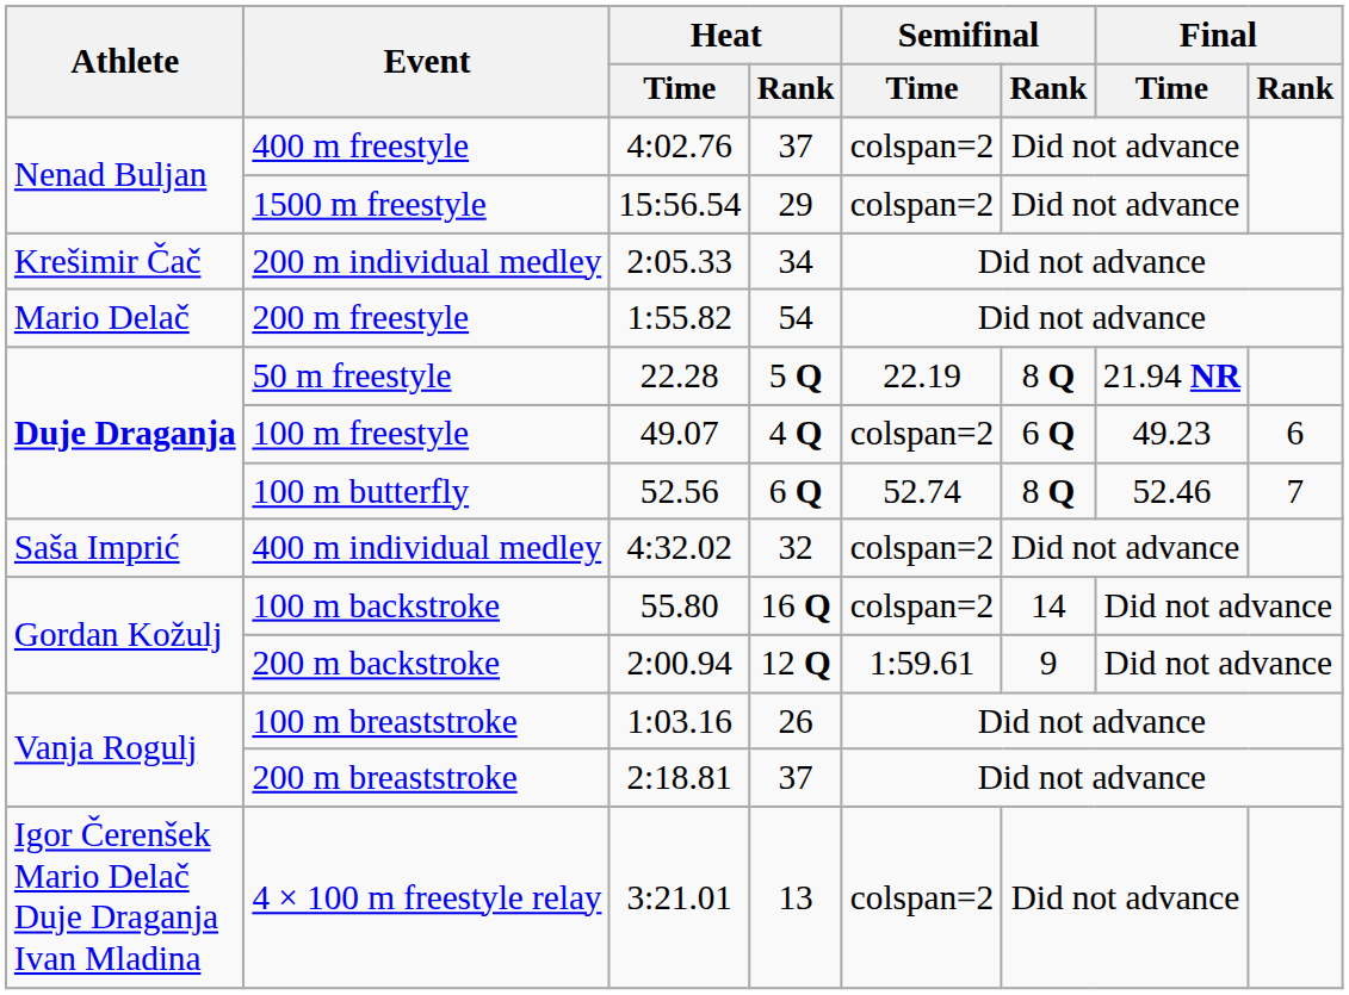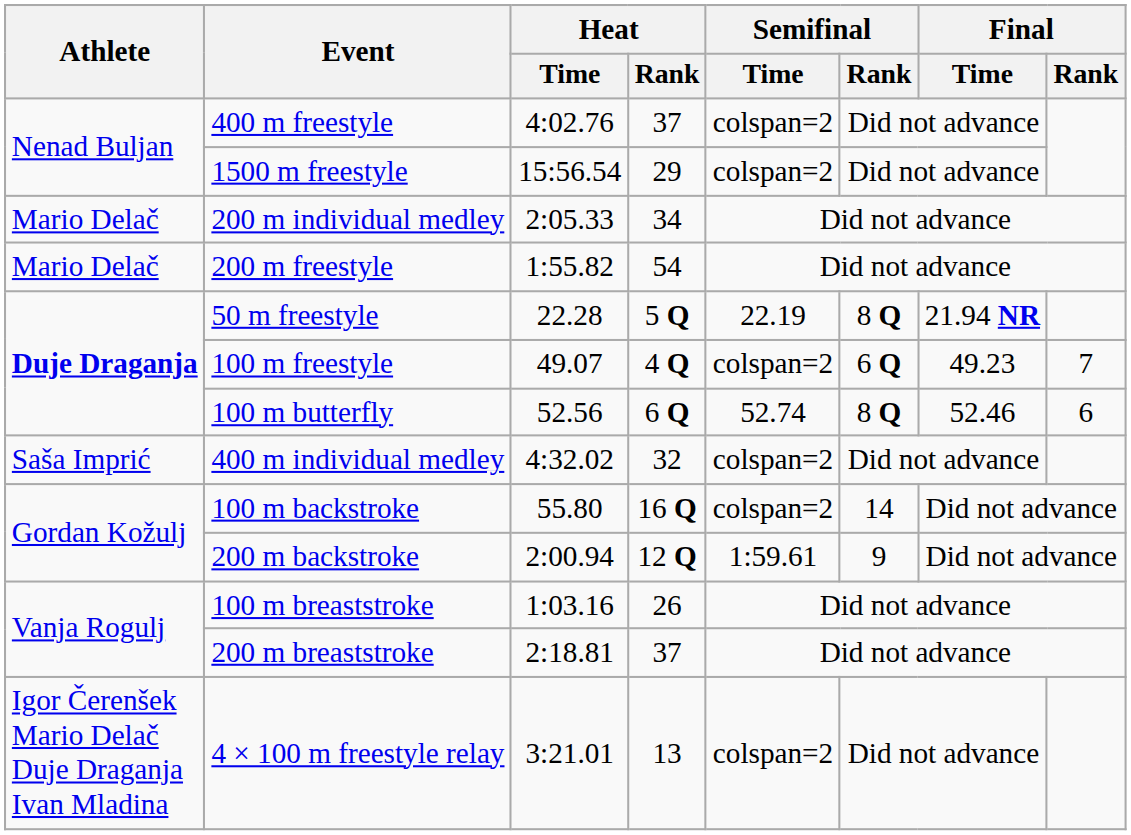 <table class=wikitable style="font-size:90%">
 <tr>
 <th rowspan="2">Athlete</th>
 <th rowspan="2">Event</th>
 <th colspan="2">Heat</th>
 <th colspan="2">Semifinal</th>
 <th colspan="2">Final</th>
 </tr>
 <tr style="font-size:95%">
 <th>Time</th>
 <th>Rank</th>
 <th>Time</th>
 <th>Rank</th>
 <th>Time</th>
 <th>Rank</th>
 </tr>
 <tr align=center>
 <td align=left rowspan=2><a href='#'>Nenad Buljan</a></td>
 <td align=left><a href='#'>400 m freestyle</a></td>
 <td>4:02.76</td>
 <td>37</td>
 <td>colspan=2 </td>
 <td colspan=2>Did not advance</td>
 </tr>
 <tr align=center>
 <td align=left><a href='#'>1500 m freestyle</a></td>
 <td>15:56.54</td>
 <td>29</td>
 <td>colspan=2 </td>
 <td colspan=2>Did not advance</td>
 </tr>
 <tr align=center>
-<td align=left><a href='#'>Krešimir Čač</a></td>
+<td align=left><a href='#'>Mario Delač</a></td>
 <td align=left><a href='#'>200 m individual medley</a></td>
 <td>2:05.33</td>
 <td>34</td>
 <td colspan=4>Did not advance</td>
 </tr>
 <tr align=center>
 <td align=left><a href='#'>Mario Delač</a></td>
 <td align=left><a href='#'>200 m freestyle</a></td>
 <td>1:55.82</td>
 <td>54</td>
 <td colspan=4>Did not advance</td>
 </tr>
 <tr align=center>
 <td align=left rowspan=3><strong><a href='#'>Duje Draganja</a></strong></td>
 <td align=left><a href='#'>50 m freestyle</a></td>
 <td>22.28</td>
 <td>5 <strong>Q</strong></td>
 <td>22.19</td>
 <td>8 <strong>Q</strong></td>
 <td>21.94 <strong><a href='#'>NR</a></strong></td>
 <td></td>
 </tr>
 <tr align=center>
 <td align=left><a href='#'>100 m freestyle</a></td>
 <td>49.07</td>
 <td>4 <strong>Q</strong></td>
 <td>colspan=2 </td>
 <td>6 <strong>Q</strong></td>
 <td>49.23</td>
-<td>6</td>
+<td>7</td>
 </tr>
 <tr align=center>
 <td align=left><a href='#'>100 m butterfly</a></td>
 <td>52.56</td>
 <td>6 <strong>Q</strong></td>
 <td>52.74</td>
 <td>8 <strong>Q</strong></td>
 <td>52.46</td>
-<td>7</td>
+<td>6</td>
 </tr>
 <tr align=center>
 <td align=left><a href='#'>Saša Imprić</a></td>
 <td align=left><a href='#'>400 m individual medley</a></td>
 <td>4:32.02</td>
 <td>32</td>
 <td>colspan=2 </td>
 <td colspan=2>Did not advance</td>
 </tr>
 <tr align=center>
 <td align=left rowspan=2><a href='#'>Gordan Kožulj</a></td>
 <td align=left><a href='#'>100 m backstroke</a></td>
 <td>55.80</td>
 <td>16 <strong>Q</strong></td>
 <td>colspan=2 </td>
 <td>14</td>
 <td colspan=2>Did not advance</td>
 </tr>
 <tr align=center>
 <td align=left><a href='#'>200 m backstroke</a></td>
 <td>2:00.94</td>
 <td>12 <strong>Q</strong></td>
 <td>1:59.61</td>
 <td>9</td>
 <td colspan=2>Did not advance</td>
 </tr>
 <tr align=center>
 <td align=left rowspan=2><a href='#'>Vanja Rogulj</a></td>
 <td align=left><a href='#'>100 m breaststroke</a></td>
 <td>1:03.16</td>
 <td>26</td>
 <td colspan=4>Did not advance</td>
 </tr>
 <tr align=center>
 <td align=left><a href='#'>200 m breaststroke</a></td>
 <td>2:18.81</td>
 <td>37</td>
 <td colspan=4>Did not advance</td>
 </tr>
 <tr align=center>
 <td align=left><a href='#'>Igor Čerenšek</a><br><a href='#'>Mario Delač</a><br><a href='#'>Duje Draganja</a><br><a href='#'>Ivan Mladina</a></td>
 <td align=left><a href='#'>4 × 100 m freestyle relay</a></td>
 <td>3:21.01</td>
 <td>13</td>
 <td>colspan=2 </td>
 <td colspan=2>Did not advance</td>
 </tr>
 </table>
